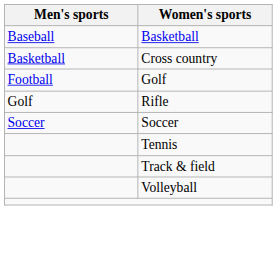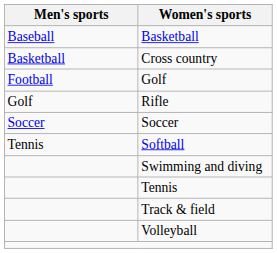 <table class="wikitable"; style= "text-align: ">
 <tr>
 <th width=150px>Men's sports</th>
 <th width=150px>Women's sports</th>
 </tr>
 <tr>
 <td><a href='#'>Baseball</a></td>
 <td><a href='#'>Basketball</a></td>
 </tr>
 <tr>
 <td><a href='#'>Basketball</a></td>
 <td>Cross country</td>
 </tr>
 <tr>
 <td><a href='#'>Football</a></td>
 <td>Golf</td>
 </tr>
 <tr>
 <td>Golf</td>
 <td>Rifle</td>
 </tr>
 <tr>
 <td><a href='#'>Soccer</a></td>
 <td>Soccer</td>
 </tr>
 <tr>
+<td>Tennis</td>
+<td><a href='#'>Softball</a></td>
+</tr>
+<tr>
+<td></td>
+<td>Swimming and diving</td>
+</tr>
+<tr>
 <td></td>
 <td>Tennis</td>
 </tr>
 <tr>
 <td></td>
 <td>Track & field</td>
 </tr>
 <tr>
 <td></td>
 <td>Volleyball</td>
 </tr>
 <tr>
 <td colspan="2"></td>
 </tr>
 </table>
